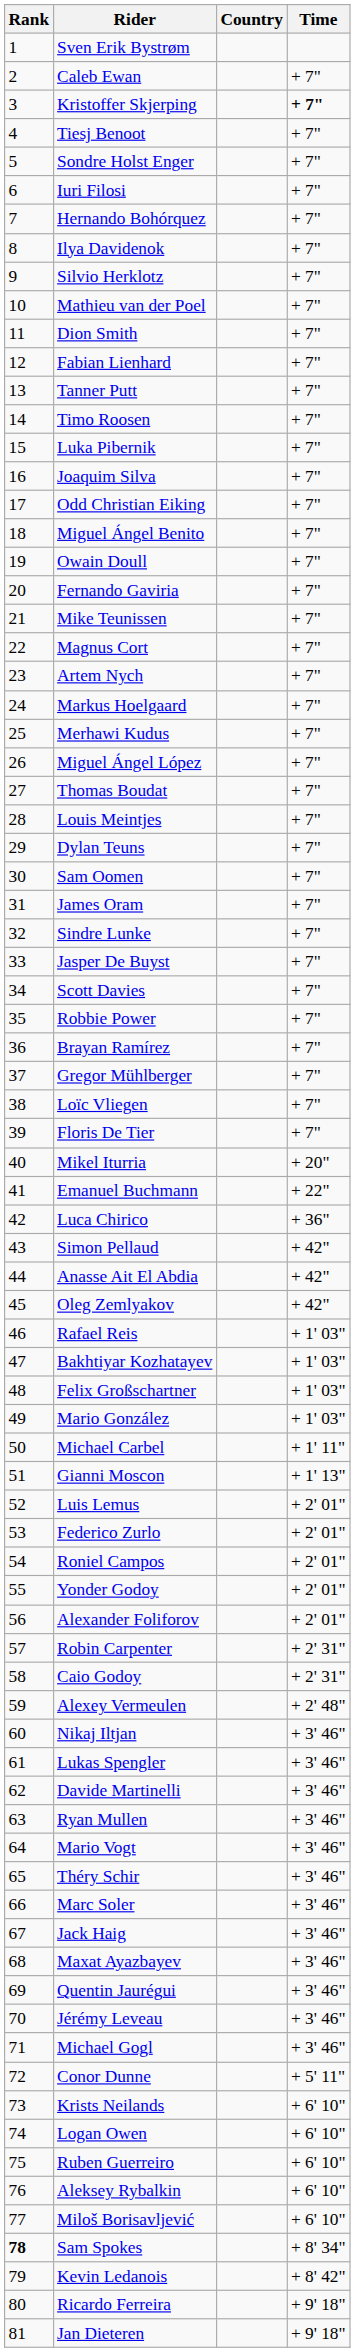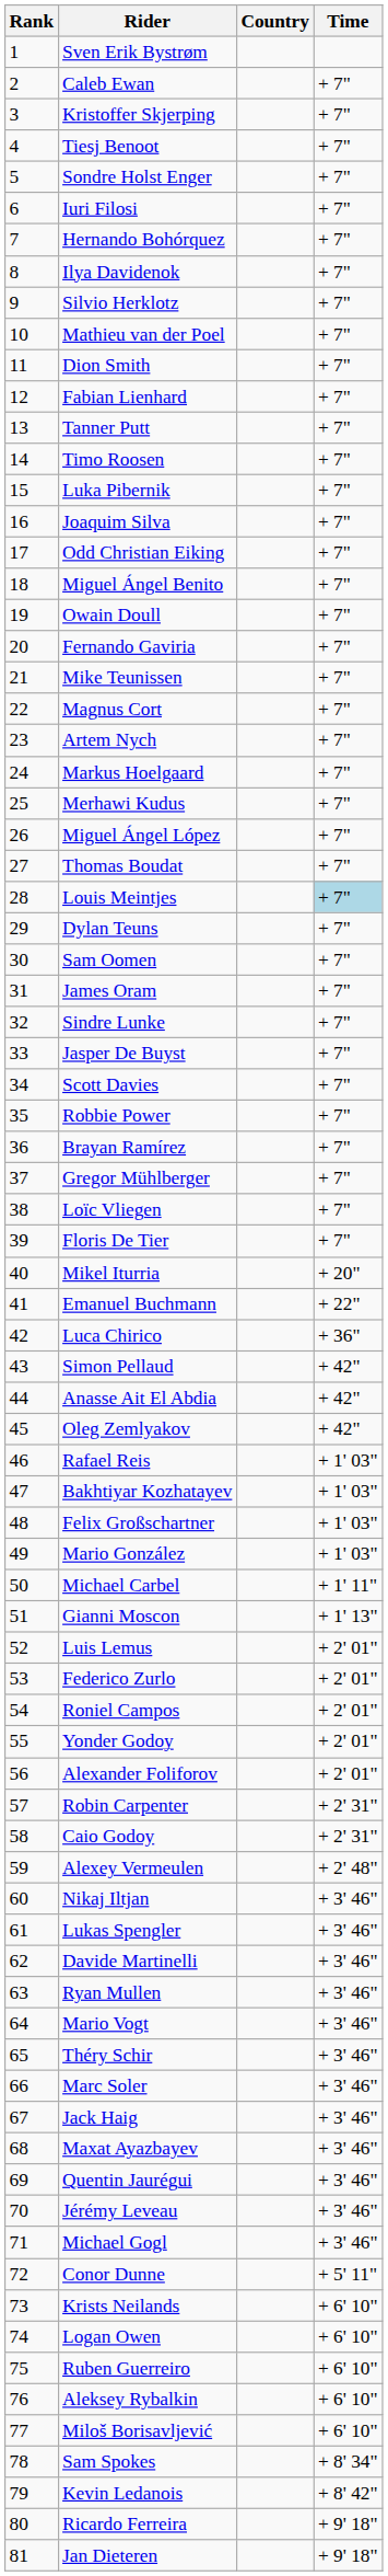 <table class="wikitable" style="font-size:95%; text-align:left;">
 <tr>
 <th>Rank</th>
 <th>Rider</th>
 <th>Country</th>
 <th>Time</th>
 </tr>
 <tr>
 <td>1</td>
 <td><a href='#'>Sven Erik Bystrøm</a></td>
 <td></td>
 <td></td>
 </tr>
 <tr>
 <td>2</td>
 <td><a href='#'>Caleb Ewan</a></td>
 <td></td>
 <td>+ 7"</td>
 </tr>
 <tr>
 <td>3</td>
 <td><a href='#'>Kristoffer Skjerping</a></td>
 <td></td>
-<td><strong>+ 7"</strong></td>
+<td>+ 7"</td>
 </tr>
 <tr>
 <td>4</td>
 <td><a href='#'>Tiesj Benoot</a></td>
 <td></td>
 <td>+ 7"</td>
 </tr>
 <tr>
 <td>5</td>
 <td><a href='#'>Sondre Holst Enger</a></td>
 <td></td>
 <td>+ 7"</td>
 </tr>
 <tr>
 <td>6</td>
 <td><a href='#'>Iuri Filosi</a></td>
 <td></td>
 <td>+ 7"</td>
 </tr>
 <tr>
 <td>7</td>
 <td><a href='#'>Hernando Bohórquez</a></td>
 <td></td>
 <td>+ 7"</td>
 </tr>
 <tr>
 <td>8</td>
 <td><a href='#'>Ilya Davidenok</a></td>
 <td></td>
 <td>+ 7"</td>
 </tr>
 <tr>
 <td>9</td>
 <td><a href='#'>Silvio Herklotz</a></td>
 <td></td>
 <td>+ 7"</td>
 </tr>
 <tr>
 <td>10</td>
 <td><a href='#'>Mathieu van der Poel</a></td>
 <td></td>
 <td>+ 7"</td>
 </tr>
 <tr>
 <td>11</td>
 <td><a href='#'>Dion Smith</a></td>
 <td></td>
 <td>+ 7"</td>
 </tr>
 <tr>
 <td>12</td>
 <td><a href='#'>Fabian Lienhard</a></td>
 <td></td>
 <td>+ 7"</td>
 </tr>
 <tr>
 <td>13</td>
 <td><a href='#'>Tanner Putt</a></td>
 <td></td>
 <td>+ 7"</td>
 </tr>
 <tr>
 <td>14</td>
 <td><a href='#'>Timo Roosen</a></td>
 <td></td>
 <td>+ 7"</td>
 </tr>
 <tr>
 <td>15</td>
 <td><a href='#'>Luka Pibernik</a></td>
 <td></td>
 <td>+ 7"</td>
 </tr>
 <tr>
 <td>16</td>
 <td><a href='#'>Joaquim Silva</a></td>
 <td></td>
 <td>+ 7"</td>
 </tr>
 <tr>
 <td>17</td>
 <td><a href='#'>Odd Christian Eiking</a></td>
 <td></td>
 <td>+ 7"</td>
 </tr>
 <tr>
 <td>18</td>
 <td><a href='#'>Miguel Ángel Benito</a></td>
 <td></td>
 <td>+ 7"</td>
 </tr>
 <tr>
 <td>19</td>
 <td><a href='#'>Owain Doull</a></td>
 <td></td>
 <td>+ 7"</td>
 </tr>
 <tr>
 <td>20</td>
 <td><a href='#'>Fernando Gaviria</a></td>
 <td></td>
 <td>+ 7"</td>
 </tr>
 <tr>
 <td>21</td>
 <td><a href='#'>Mike Teunissen</a></td>
 <td></td>
 <td>+ 7"</td>
 </tr>
 <tr>
 <td>22</td>
 <td><a href='#'>Magnus Cort</a></td>
 <td></td>
 <td>+ 7"</td>
 </tr>
 <tr>
 <td>23</td>
 <td><a href='#'>Artem Nych</a></td>
 <td></td>
 <td>+ 7"</td>
 </tr>
 <tr>
 <td>24</td>
 <td><a href='#'>Markus Hoelgaard</a></td>
 <td></td>
 <td>+ 7"</td>
 </tr>
 <tr>
 <td>25</td>
 <td><a href='#'>Merhawi Kudus</a></td>
 <td></td>
 <td>+ 7"</td>
 </tr>
 <tr>
 <td>26</td>
 <td><a href='#'>Miguel Ángel López</a></td>
 <td></td>
 <td>+ 7"</td>
 </tr>
 <tr>
 <td>27</td>
 <td><a href='#'>Thomas Boudat</a></td>
 <td></td>
 <td>+ 7"</td>
 </tr>
 <tr>
 <td>28</td>
 <td><a href='#'>Louis Meintjes</a></td>
 <td></td>
-<td>+ 7"</td>
+<td style="background: lightblue;">+ 7"</td>
 </tr>
 <tr>
 <td>29</td>
 <td><a href='#'>Dylan Teuns</a></td>
 <td></td>
 <td>+ 7"</td>
 </tr>
 <tr>
 <td>30</td>
 <td><a href='#'>Sam Oomen</a></td>
 <td></td>
 <td>+ 7"</td>
 </tr>
 <tr>
 <td>31</td>
 <td><a href='#'>James Oram</a></td>
 <td></td>
 <td>+ 7"</td>
 </tr>
 <tr>
 <td>32</td>
 <td><a href='#'>Sindre Lunke</a></td>
 <td></td>
 <td>+ 7"</td>
 </tr>
 <tr>
 <td>33</td>
 <td><a href='#'>Jasper De Buyst</a></td>
 <td></td>
 <td>+ 7"</td>
 </tr>
 <tr>
 <td>34</td>
 <td><a href='#'>Scott Davies</a></td>
 <td></td>
 <td>+ 7"</td>
 </tr>
 <tr>
 <td>35</td>
 <td><a href='#'>Robbie Power</a></td>
 <td></td>
 <td>+ 7"</td>
 </tr>
 <tr>
 <td>36</td>
 <td><a href='#'>Brayan Ramírez</a></td>
 <td></td>
 <td>+ 7"</td>
 </tr>
 <tr>
 <td>37</td>
 <td><a href='#'>Gregor Mühlberger</a></td>
 <td></td>
 <td>+ 7"</td>
 </tr>
 <tr>
 <td>38</td>
 <td><a href='#'>Loïc Vliegen</a></td>
 <td></td>
 <td>+ 7"</td>
 </tr>
 <tr>
 <td>39</td>
 <td><a href='#'>Floris De Tier</a></td>
 <td></td>
 <td>+ 7"</td>
 </tr>
 <tr>
 <td>40</td>
 <td><a href='#'>Mikel Iturria</a></td>
 <td></td>
 <td>+ 20"</td>
 </tr>
 <tr>
 <td>41</td>
 <td><a href='#'>Emanuel Buchmann</a></td>
 <td></td>
 <td>+ 22"</td>
 </tr>
 <tr>
 <td>42</td>
 <td><a href='#'>Luca Chirico</a></td>
 <td></td>
 <td>+ 36"</td>
 </tr>
 <tr>
 <td>43</td>
 <td><a href='#'>Simon Pellaud</a></td>
 <td></td>
 <td>+ 42"</td>
 </tr>
 <tr>
 <td>44</td>
 <td><a href='#'>Anasse Ait El Abdia</a></td>
 <td></td>
 <td>+ 42"</td>
 </tr>
 <tr>
 <td>45</td>
 <td><a href='#'>Oleg Zemlyakov</a></td>
 <td></td>
 <td>+ 42"</td>
 </tr>
 <tr>
 <td>46</td>
 <td><a href='#'>Rafael Reis</a></td>
 <td></td>
 <td>+ 1' 03"</td>
 </tr>
 <tr>
 <td>47</td>
 <td><a href='#'>Bakhtiyar Kozhatayev</a></td>
 <td></td>
 <td>+ 1' 03"</td>
 </tr>
 <tr>
 <td>48</td>
 <td><a href='#'>Felix Großschartner</a></td>
 <td></td>
 <td>+ 1' 03"</td>
 </tr>
 <tr>
 <td>49</td>
 <td><a href='#'>Mario González</a></td>
 <td></td>
 <td>+ 1' 03"</td>
 </tr>
 <tr>
 <td>50</td>
 <td><a href='#'>Michael Carbel</a></td>
 <td></td>
 <td>+ 1' 11"</td>
 </tr>
 <tr>
 <td>51</td>
 <td><a href='#'>Gianni Moscon</a></td>
 <td></td>
 <td>+ 1' 13"</td>
 </tr>
 <tr>
 <td>52</td>
 <td><a href='#'>Luis Lemus</a></td>
 <td></td>
 <td>+ 2' 01"</td>
 </tr>
 <tr>
 <td>53</td>
 <td><a href='#'>Federico Zurlo</a></td>
 <td></td>
 <td>+ 2' 01"</td>
 </tr>
 <tr>
 <td>54</td>
 <td><a href='#'>Roniel Campos</a></td>
 <td></td>
 <td>+ 2' 01"</td>
 </tr>
 <tr>
 <td>55</td>
 <td><a href='#'>Yonder Godoy</a></td>
 <td></td>
 <td>+ 2' 01"</td>
 </tr>
 <tr>
 <td>56</td>
 <td><a href='#'>Alexander Foliforov</a></td>
 <td></td>
 <td>+ 2' 01"</td>
 </tr>
 <tr>
 <td>57</td>
 <td><a href='#'>Robin Carpenter</a></td>
 <td></td>
 <td>+ 2' 31"</td>
 </tr>
 <tr>
 <td>58</td>
 <td><a href='#'>Caio Godoy</a></td>
 <td></td>
 <td>+ 2' 31"</td>
 </tr>
 <tr>
 <td>59</td>
 <td><a href='#'>Alexey Vermeulen</a></td>
 <td></td>
 <td>+ 2' 48"</td>
 </tr>
 <tr>
 <td>60</td>
 <td><a href='#'>Nikaj Iltjan</a></td>
 <td></td>
 <td>+ 3' 46"</td>
 </tr>
 <tr>
 <td>61</td>
 <td><a href='#'>Lukas Spengler</a></td>
 <td></td>
 <td>+ 3' 46"</td>
 </tr>
 <tr>
 <td>62</td>
 <td><a href='#'>Davide Martinelli</a></td>
 <td></td>
 <td>+ 3' 46"</td>
 </tr>
 <tr>
 <td>63</td>
 <td><a href='#'>Ryan Mullen</a></td>
 <td></td>
 <td>+ 3' 46"</td>
 </tr>
 <tr>
 <td>64</td>
 <td><a href='#'>Mario Vogt</a></td>
 <td></td>
 <td>+ 3' 46"</td>
 </tr>
 <tr>
 <td>65</td>
 <td><a href='#'>Théry Schir</a></td>
 <td></td>
 <td>+ 3' 46"</td>
 </tr>
 <tr>
 <td>66</td>
 <td><a href='#'>Marc Soler</a></td>
 <td></td>
 <td>+ 3' 46"</td>
 </tr>
 <tr>
 <td>67</td>
 <td><a href='#'>Jack Haig</a></td>
 <td></td>
 <td>+ 3' 46"</td>
 </tr>
 <tr>
 <td>68</td>
 <td><a href='#'>Maxat Ayazbayev</a></td>
 <td></td>
 <td>+ 3' 46"</td>
 </tr>
 <tr>
 <td>69</td>
 <td><a href='#'>Quentin Jaurégui</a></td>
 <td></td>
 <td>+ 3' 46"</td>
 </tr>
 <tr>
 <td>70</td>
 <td><a href='#'>Jérémy Leveau</a></td>
 <td></td>
 <td>+ 3' 46"</td>
 </tr>
 <tr>
 <td>71</td>
 <td><a href='#'>Michael Gogl</a></td>
 <td></td>
 <td>+ 3' 46"</td>
 </tr>
 <tr>
 <td>72</td>
 <td><a href='#'>Conor Dunne</a></td>
 <td></td>
 <td>+ 5' 11"</td>
 </tr>
 <tr>
 <td>73</td>
 <td><a href='#'>Krists Neilands</a></td>
 <td></td>
 <td>+ 6' 10"</td>
 </tr>
 <tr>
 <td>74</td>
 <td><a href='#'>Logan Owen</a></td>
 <td></td>
 <td>+ 6' 10"</td>
 </tr>
 <tr>
 <td>75</td>
 <td><a href='#'>Ruben Guerreiro</a></td>
 <td></td>
 <td>+ 6' 10"</td>
 </tr>
 <tr>
 <td>76</td>
 <td><a href='#'>Aleksey Rybalkin</a></td>
 <td></td>
 <td>+ 6' 10"</td>
 </tr>
 <tr>
 <td>77</td>
 <td><a href='#'>Miloš Borisavljević</a></td>
 <td></td>
 <td>+ 6' 10"</td>
 </tr>
 <tr>
-<td><strong>78</strong></td>
+<td>78</td>
 <td><a href='#'>Sam Spokes</a></td>
 <td></td>
 <td>+ 8' 34"</td>
 </tr>
 <tr>
 <td>79</td>
 <td><a href='#'>Kevin Ledanois</a></td>
 <td></td>
 <td>+ 8' 42"</td>
 </tr>
 <tr>
 <td>80</td>
 <td><a href='#'>Ricardo Ferreira</a></td>
 <td></td>
 <td>+ 9' 18"</td>
 </tr>
 <tr>
 <td>81</td>
 <td><a href='#'>Jan Dieteren</a></td>
 <td></td>
 <td>+ 9' 18"</td>
 </tr>
 </table>
